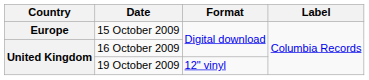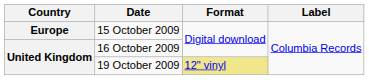 <table class="wikitable plainrowheaders">
 <tr>
 <th scope="col">Country</th>
 <th scope="col">Date</th>
 <th scope="col">Format</th>
 <th scope="col">Label</th>
 </tr>
 <tr>
 <th scope="row">Europe</th>
 <td>15 October 2009</td>
 <td rowspan="2"><a href='#'>Digital download</a></td>
 <td rowspan="3"><a href='#'>Columbia Records</a></td>
 </tr>
 <tr>
 <th scope="row" rowspan="2">United Kingdom</th>
 <td>16 October 2009</td>
 </tr>
 <tr>
 <td>19 October 2009</td>
-<td><a href='#'>12" vinyl</a></td>
+<td style="background: khaki;"><a href='#'>12" vinyl</a></td>
 </tr>
 </table>
